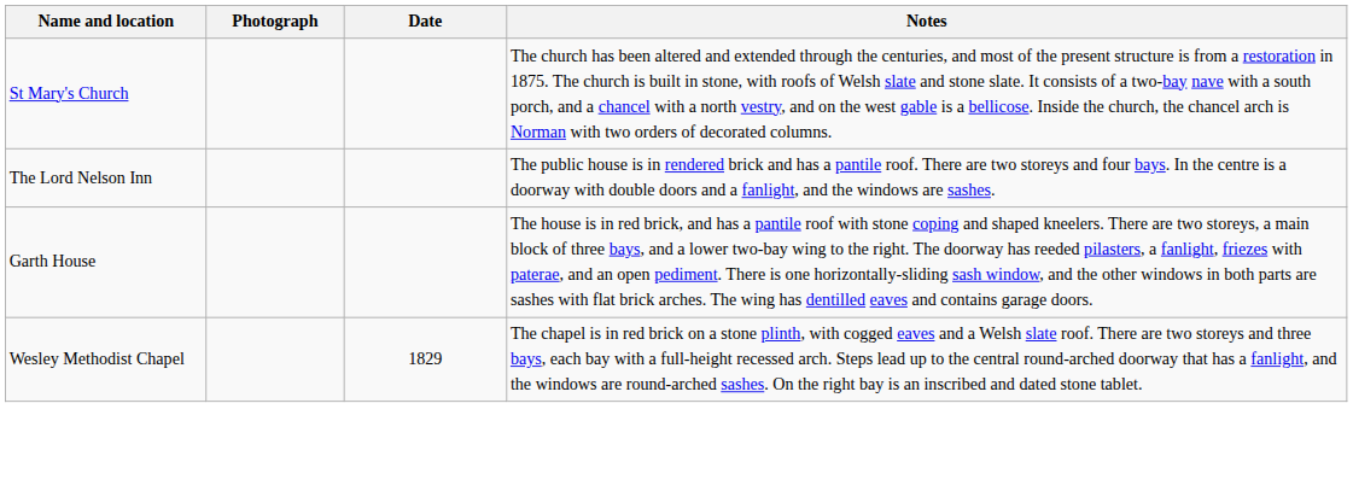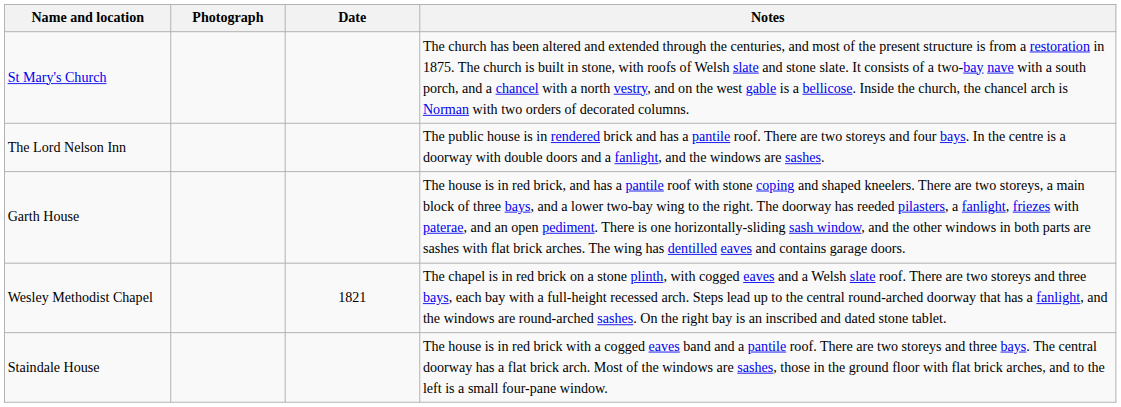 <table class="wikitable sortable plainrowheaders" style="width:100%;border:0px;text-align:left;line-height:150%;">
 <tr>
 <th scope="col"  style="width:150px">Name and location</th>
 <th scope="col"  style="width:100px" class="unsortable">Photograph</th>
 <th scope="col"  style="width:120px">Date</th>
 <th scope="col"  style="width:650px" class="unsortable">Notes</th>
 </tr>
 <tr>
 <td><a href='#'>St Mary's Church</a><br><small></small></td>
 <td></td>
 <td align="center"></td>
 <td>The church has been altered and extended through the centuries, and most of the present structure is from a <a href='#'>restoration</a> in 1875.  The church is built in stone, with roofs of Welsh <a href='#'>slate</a> and stone slate.  It consists of a two-<a href='#'>bay</a> <a href='#'>nave</a> with a south porch, and a <a href='#'>chancel</a> with a north <a href='#'>vestry</a>, and on the west <a href='#'>gable</a> is a <a href='#'>bellicose</a>.  Inside the church, the chancel arch is <a href='#'>Norman</a> with two orders of decorated columns.</td>
 </tr>
 <tr>
 <td>The Lord Nelson Inn<br><small></small></td>
 <td></td>
 <td align="center"></td>
 <td>The public house is in <a href='#'>rendered</a> brick and has a <a href='#'>pantile</a> roof.  There are two storeys and four <a href='#'>bays</a>.  In the centre is a doorway with double doors and a <a href='#'>fanlight</a>, and the windows are <a href='#'>sashes</a>.</td>
 </tr>
 <tr>
 <td>Garth House<br><small></small></td>
 <td></td>
 <td align="center"></td>
 <td>The house is in red brick, and has a <a href='#'>pantile</a> roof with stone <a href='#'>coping</a> and shaped kneelers.  There are two storeys, a main block of three <a href='#'>bays</a>, and a lower two-bay wing to the right.  The doorway has reeded <a href='#'>pilasters</a>, a <a href='#'>fanlight</a>, <a href='#'>friezes</a> with <a href='#'>paterae</a>, and an open <a href='#'>pediment</a>.  There is one horizontally-sliding <a href='#'>sash window</a>, and the other windows in both parts are sashes with flat brick arches.  The wing has <a href='#'>dentilled</a> <a href='#'>eaves</a> and contains garage doors.</td>
 </tr>
 <tr>
 <td>Wesley Methodist Chapel<br><small></small></td>
 <td></td>
-<td align="center">1829</td>
+<td align="center">1821</td>
 <td>The chapel is in red brick on a stone <a href='#'>plinth</a>, with cogged <a href='#'>eaves</a> and a Welsh <a href='#'>slate</a> roof.  There are two storeys and three <a href='#'>bays</a>, each bay with a full-height recessed arch.  Steps lead up to the central round-arched doorway that has a <a href='#'>fanlight</a>, and the windows are round-arched <a href='#'>sashes</a>.  On the right bay is an inscribed and dated stone tablet.</td>
+</tr>
+<tr>
+<td>Staindale House<br><small></small></td>
+<td></td>
+<td align="center"></td>
+<td>The house is in red brick with a cogged <a href='#'>eaves</a> band and a <a href='#'>pantile</a> roof.  There are two storeys and three <a href='#'>bays</a>.  The central doorway has a flat brick arch.  Most of the windows are <a href='#'>sashes</a>, those in the ground floor with flat brick arches, and to the left is a small four-pane window.</td>
 </tr>
 <tr>
 </tr>
 </table>
